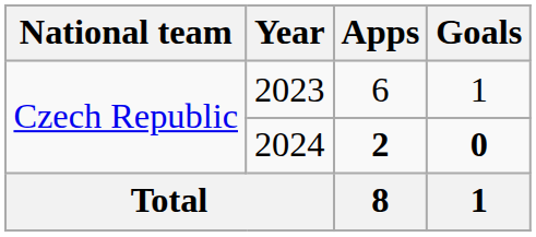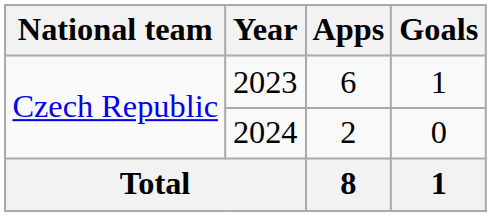 <table class=wikitable style=text-align:center>
 <tr>
 <th>National team</th>
 <th>Year</th>
 <th>Apps</th>
 <th>Goals</th>
 </tr>
 <tr>
 <td rowspan="2"><a href='#'>Czech Republic</a></td>
 <td>2023</td>
 <td>6</td>
 <td>1</td>
 </tr>
 <tr>
 <td>2024</td>
-<td><strong>2</strong></td>
-<td><strong>0</strong></td>
+<td>2</td>
+<td>0</td>
 </tr>
 <tr>
 <th colspan="2">Total</th>
 <th>8</th>
 <th>1</th>
 </tr>
 </table>
